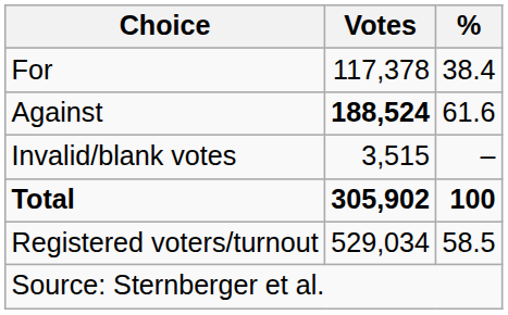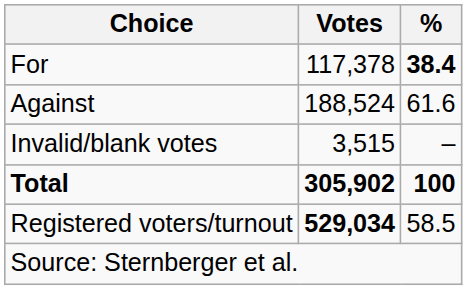 <table class=wikitable style=text-align:right>
 <tr>
 <th>Choice</th>
 <th>Votes</th>
 <th>%</th>
 </tr>
 <tr>
 <td align=left>For</td>
 <td>117,378</td>
-<td>38.4</td>
+<td><strong>38.4</strong></td>
 </tr>
 <tr>
 <td align=left>Against</td>
-<td><strong>188,524</strong></td>
+<td>188,524</td>
 <td>61.6</td>
 </tr>
 <tr>
 <td align=left>Invalid/blank votes</td>
 <td>3,515</td>
 <td>–</td>
 </tr>
 <tr>
 <td align=left><strong>Total</strong></td>
 <td><strong>305,902</strong></td>
 <td><strong>100</strong></td>
 </tr>
 <tr>
 <td align=left>Registered voters/turnout</td>
-<td>529,034</td>
+<td><strong>529,034</strong></td>
 <td>58.5</td>
 </tr>
 <tr>
 <td align=left colspan=3>Source: Sternberger et al.</td>
 </tr>
 </table>
